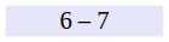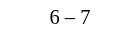 <table style="text-align:center">
 <tr>
 <th width=200></th>
 <th width=100></th>
 <th width=200></th>
 </tr>
 <tr>
 <td align=right></td>
-<td style="background: lavender;">6 – 7</td>
+<td>6 – 7</td>
 <td align=left><strong></strong></td>
 </tr>
 </table>
